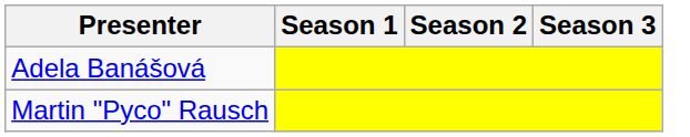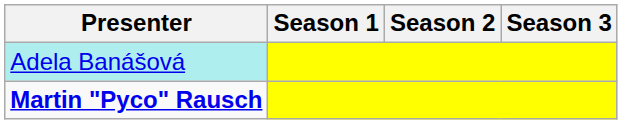 <table class="wikitable">
 <tr>
 <th>Presenter</th>
 <th>Season 1</th>
 <th>Season 2</th>
 <th>Season 3</th>
 </tr>
 <tr>
-<td><a href='#'>Adela Banášová</a></td>
+<td style="background: paleturquoise;"><a href='#'>Adela Banášová</a></td>
 <td colspan="3" style="text-align:center; background:yellow;"></td>
 </tr>
 <tr>
-<td><a href='#'>Martin "Pyco" Rausch</a></td>
+<td><strong><a href='#'>Martin "Pyco" Rausch</a></strong></td>
 <td colspan="3" style="text-align:center; background:yellow;"></td>
 </tr>
 </table>
